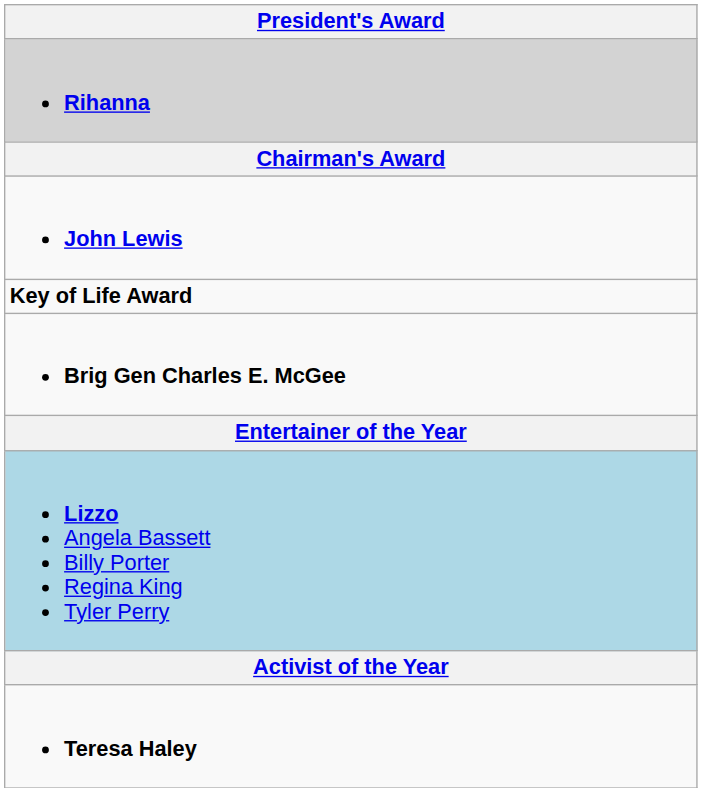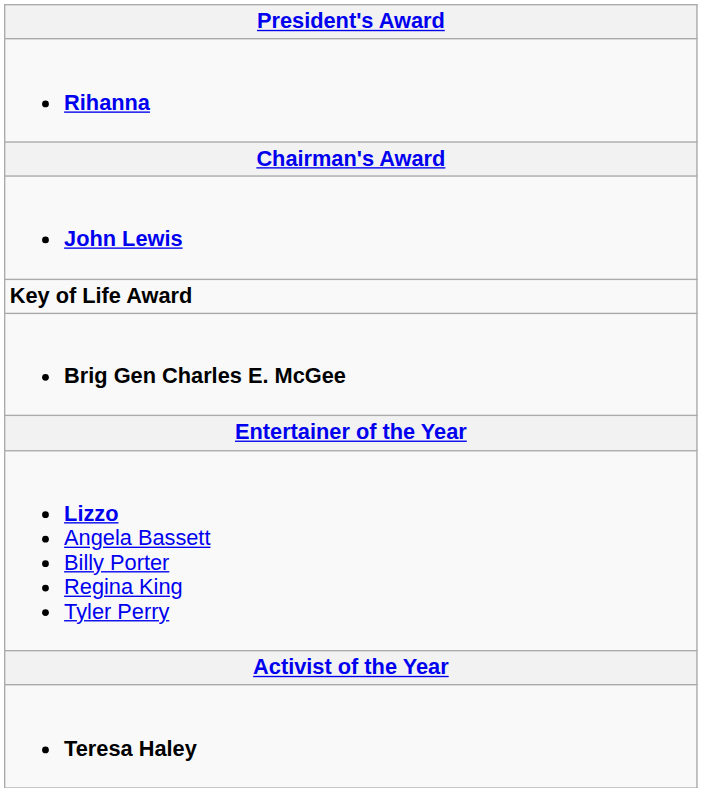 <table class="wikitable">
 <tr>
 <th style="width=50%"><a href='#'>President's Award</a></th>
 </tr>
 <tr>
-<td valign="top" width="50%" style="background: lightgrey;"><br><ul><li><strong><a href='#'>Rihanna</a></strong></li></ul></td>
+<td valign="top" width="50%"><br><ul><li><strong><a href='#'>Rihanna</a></strong></li></ul></td>
 </tr>
 <tr>
 <th style="width=50%"><a href='#'>Chairman's Award</a></th>
 </tr>
 <tr>
 <td valign="top" width="50%"><br><ul><li><strong><a href='#'>John Lewis</a></strong></li></ul></td>
 </tr>
 <tr>
 <td valign="top" width="50%"><strong>Key of Life Award</strong></td>
 </tr>
 <tr>
 <td valign="top" width="50%"><br><ul><li><strong>Brig Gen Charles E. McGee</strong></li></ul></td>
 </tr>
 <tr>
 <th style="width=50%"><a href='#'>Entertainer of the Year</a></th>
 </tr>
 <tr>
-<td valign="top" width="50%" style="background: lightblue;"><br><ul><li><strong><a href='#'>Lizzo</a></strong></li><li><a href='#'>Angela Bassett</a></li><li><a href='#'>Billy Porter</a></li><li><a href='#'>Regina King</a></li><li><a href='#'>Tyler Perry</a></li></ul></td>
+<td valign="top" width="50%"><br><ul><li><strong><a href='#'>Lizzo</a></strong></li><li><a href='#'>Angela Bassett</a></li><li><a href='#'>Billy Porter</a></li><li><a href='#'>Regina King</a></li><li><a href='#'>Tyler Perry</a></li></ul></td>
 </tr>
 <tr>
 <th style="width=50%"><a href='#'>Activist of the Year</a></th>
 </tr>
 <tr>
 <td valign="top" width="50%"><br><ul><li><strong>Teresa Haley</strong></li></ul></td>
 </tr>
 </table>
